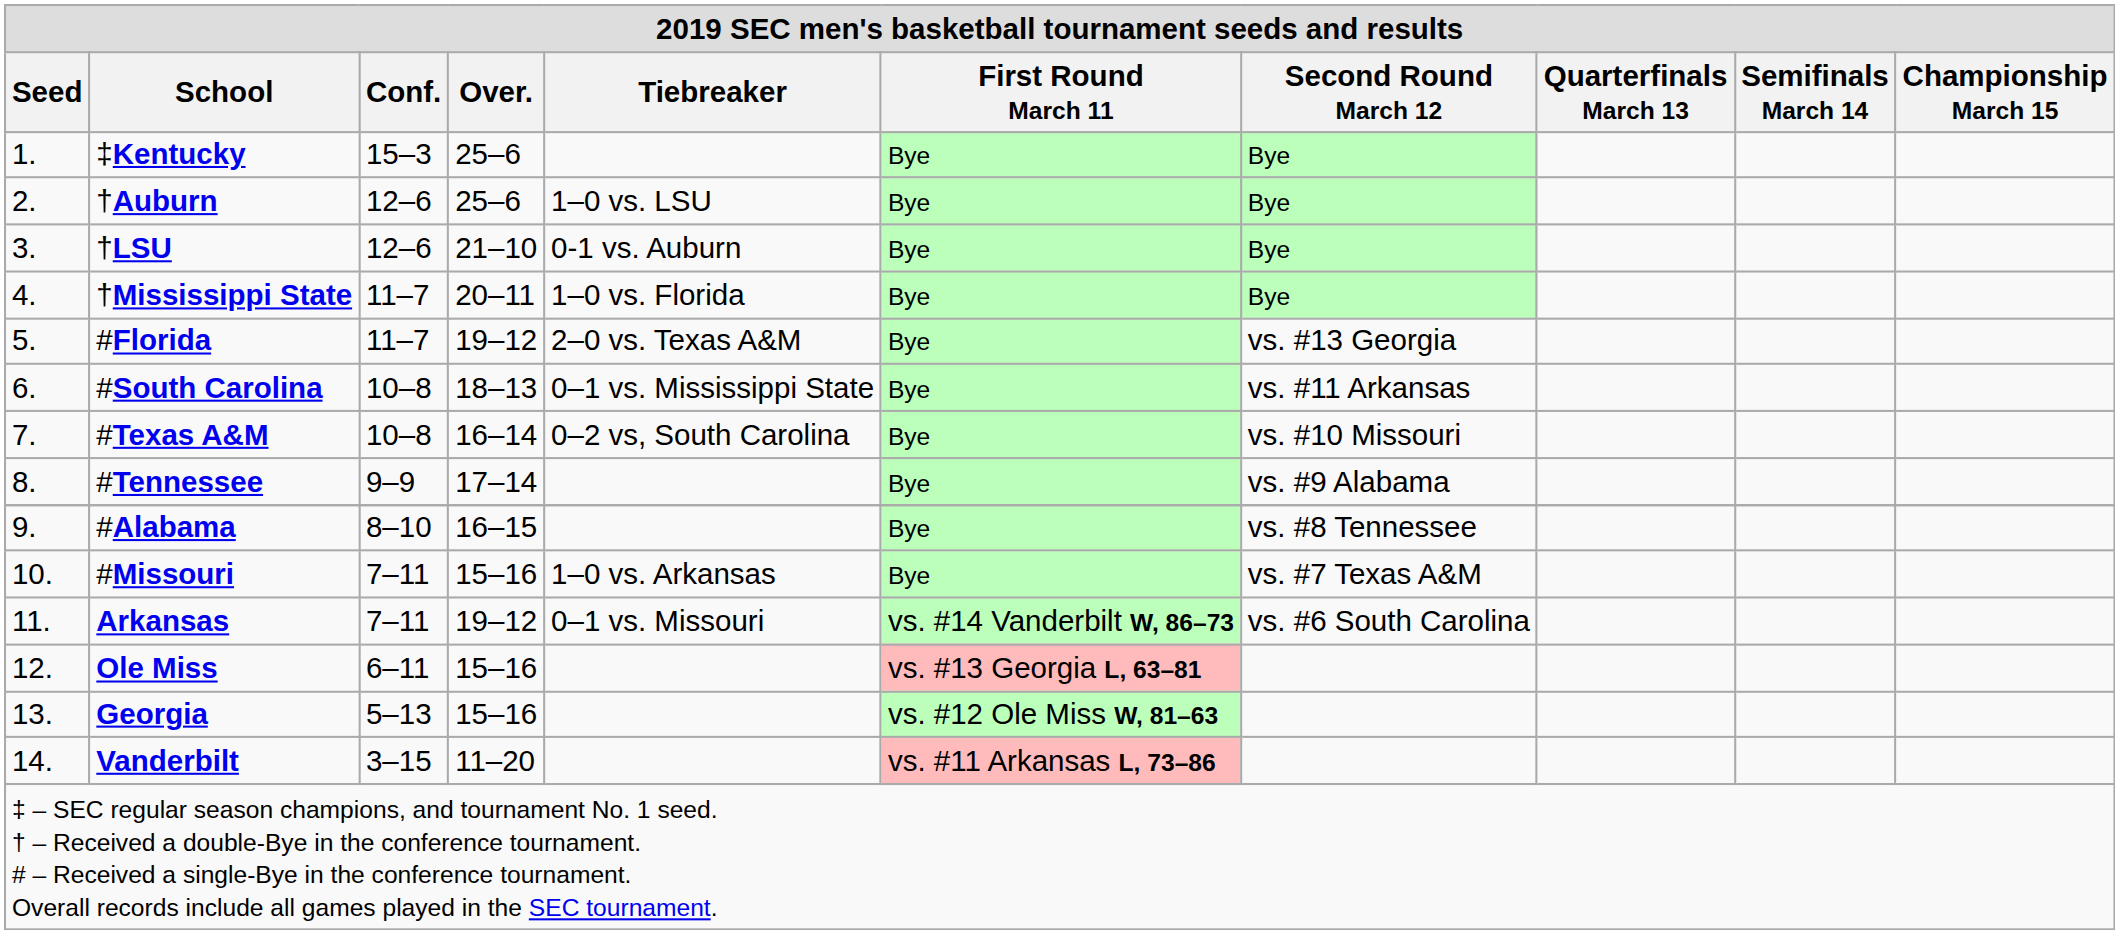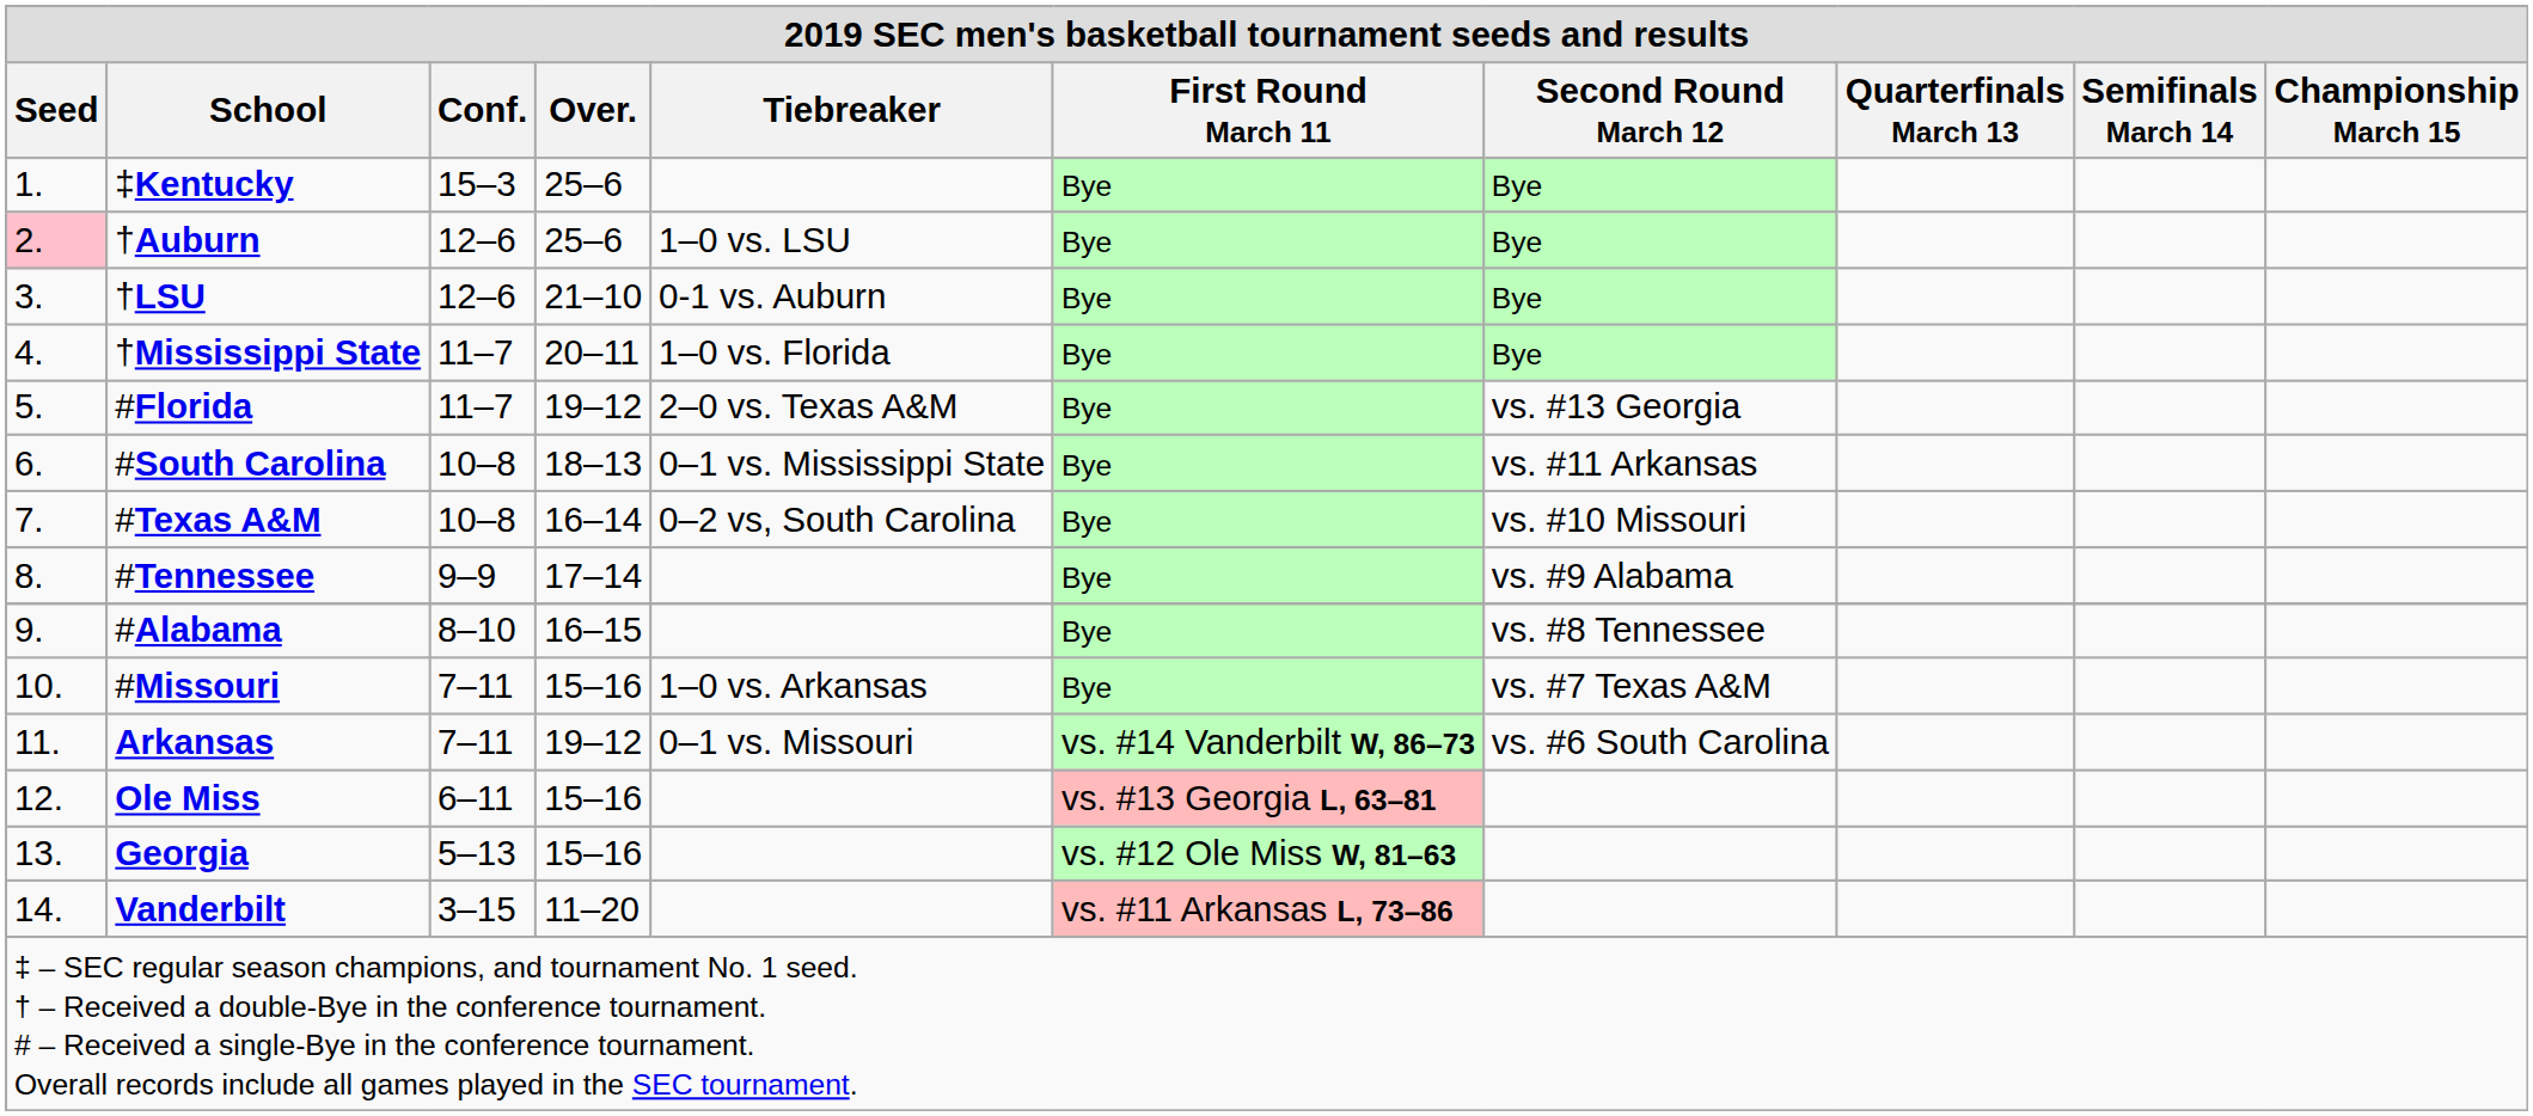 <table class="wikitable" style="white-space:nowrap; font-size:90%;">
 <tr>
 <td colspan="10" style="text-align:center; background:#DDDDDD; font:#000000"><strong>2019 SEC men's basketball tournament seeds and results</strong></td>
 </tr>
 <tr bgcolor="#efefef">
 <th>Seed</th>
 <th>School</th>
 <th>Conf.</th>
 <th>Over.</th>
 <th>Tiebreaker</th>
 <th>First Round<br><small>March 11</small></th>
 <th>Second Round<br><small>March 12</small></th>
 <th>Quarterfinals<br><small>March 13</small></th>
 <th>Semifinals<br><small>March 14</small></th>
 <th>Championship<br><small>March 15</small></th>
 </tr>
 <tr>
 <td>1.</td>
 <td>‡<strong><a href='#'>Kentucky</a></strong></td>
 <td>15–3</td>
 <td>25–6</td>
 <td></td>
 <td style="background:#bfb;"><small>Bye</small></td>
 <td style="background:#bfb;"><small>Bye</small></td>
 <td></td>
 <td></td>
 <td></td>
 </tr>
 <tr>
-<td>2.</td>
+<td style="background: pink;">2.</td>
 <td>†<strong><a href='#'>Auburn</a></strong></td>
 <td>12–6</td>
 <td>25–6</td>
 <td>1–0 vs. LSU</td>
 <td style="background:#bfb;"><small>Bye</small></td>
 <td style="background:#bfb;"><small>Bye</small></td>
 <td></td>
 <td></td>
 <td></td>
 </tr>
 <tr>
 <td>3.</td>
 <td>†<strong><a href='#'>LSU</a></strong></td>
 <td>12–6</td>
 <td>21–10</td>
 <td>0-1 vs. Auburn</td>
 <td style="background:#bfb;"><small>Bye</small></td>
 <td style="background:#bfb;"><small>Bye</small></td>
 <td></td>
 <td></td>
 <td></td>
 </tr>
 <tr>
 <td>4.</td>
 <td>†<strong><a href='#'>Mississippi State</a></strong></td>
 <td>11–7</td>
 <td>20–11</td>
 <td>1–0 vs. Florida</td>
 <td style="background:#bfb;"><small>Bye</small></td>
 <td style="background:#bfb;"><small>Bye</small></td>
 <td></td>
 <td></td>
 <td></td>
 </tr>
 <tr>
 <td>5.</td>
 <td>#<strong><a href='#'>Florida</a></strong></td>
 <td>11–7</td>
 <td>19–12</td>
 <td>2–0 vs. Texas A&M</td>
 <td style="background:#bfb;"><small>Bye</small></td>
 <td>vs. #13 Georgia</td>
 <td></td>
 <td></td>
 <td></td>
 </tr>
 <tr>
 <td>6.</td>
 <td>#<strong><a href='#'>South Carolina</a></strong></td>
 <td>10–8</td>
 <td>18–13</td>
 <td>0–1 vs. Mississippi State</td>
 <td style="background:#bfb;"><small>Bye</small></td>
 <td>vs. #11 Arkansas</td>
 <td></td>
 <td></td>
 <td></td>
 </tr>
 <tr>
 <td>7.</td>
 <td>#<strong><a href='#'>Texas A&M</a></strong></td>
 <td>10–8</td>
 <td>16–14</td>
 <td>0–2 vs, South Carolina</td>
 <td style="background:#bfb;"><small>Bye</small></td>
 <td>vs. #10 Missouri</td>
 <td></td>
 <td></td>
 <td></td>
 </tr>
 <tr>
 <td>8.</td>
 <td>#<strong><a href='#'>Tennessee</a></strong></td>
 <td>9–9</td>
 <td>17–14</td>
 <td></td>
 <td style="background:#bfb;"><small>Bye</small></td>
 <td>vs. #9 Alabama</td>
 <td></td>
 <td></td>
 <td></td>
 </tr>
 <tr>
 </tr>
 <tr>
 <td>9.</td>
 <td>#<strong><a href='#'>Alabama</a></strong></td>
 <td>8–10</td>
 <td>16–15</td>
 <td></td>
 <td style="background:#bfb;"><small>Bye</small></td>
 <td>vs. #8 Tennessee</td>
 <td></td>
 <td></td>
 <td></td>
 </tr>
 <tr>
 <td>10.</td>
 <td>#<strong><a href='#'>Missouri</a></strong></td>
 <td>7–11</td>
 <td>15–16</td>
 <td>1–0 vs. Arkansas</td>
 <td style="background:#bfb;"><small>Bye</small></td>
 <td>vs. #7 Texas A&M</td>
 <td></td>
 <td></td>
 <td></td>
 </tr>
 <tr>
 <td>11.</td>
 <td><strong><a href='#'>Arkansas</a></strong></td>
 <td>7–11</td>
 <td>19–12</td>
 <td>0–1 vs. Missouri</td>
 <td style="background:#bfb;">vs. #14 Vanderbilt <small><strong>W, 86–73</strong></small></td>
 <td>vs. #6 South Carolina</td>
 <td></td>
 <td></td>
 <td></td>
 </tr>
 <tr>
 <td>12.</td>
 <td><strong><a href='#'>Ole Miss</a></strong></td>
 <td>6–11</td>
 <td>15–16</td>
 <td></td>
 <td style="background:#fbb;">vs. #13 Georgia <small><strong>L, 63–81</strong></small></td>
 <td></td>
 <td></td>
 <td></td>
 <td></td>
 </tr>
 <tr>
 <td>13.</td>
 <td><strong><a href='#'>Georgia</a></strong></td>
 <td>5–13</td>
 <td>15–16</td>
 <td></td>
 <td style="background:#bfb;">vs. #12 Ole Miss <small><strong>W, 81–63</strong></small></td>
 <td></td>
 <td></td>
 <td></td>
 <td></td>
 </tr>
 <tr>
 <td>14.</td>
 <td><strong><a href='#'>Vanderbilt</a></strong></td>
 <td>3–15</td>
 <td>11–20</td>
 <td></td>
 <td style="background:#fbb;">vs. #11 Arkansas <small><strong>L, 73–86</strong></small></td>
 <td></td>
 <td></td>
 <td></td>
 <td></td>
 </tr>
 <tr>
 <td colspan="10" style="text-align:left;"><small>‡ – SEC regular season champions, and tournament No. 1 seed.<br>† – Received a double-Bye in the conference tournament.<br># – Received a single-Bye in the conference tournament.<br>Overall records include all games played in the <a href='#'>SEC tournament</a>.</small></td>
 </tr>
 <tr>
 </tr>
 </table>
